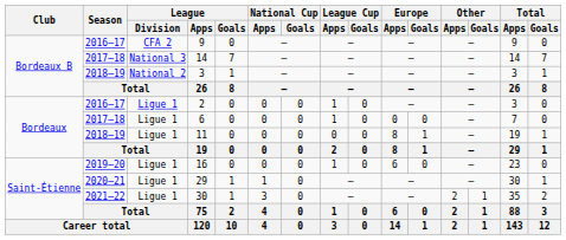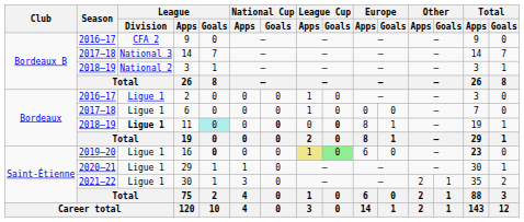 <table class="wikitable" style="text-align:center">
 <tr>
 <th rowspan="2">Club</th>
 <th rowspan="2">Season</th>
 <th colspan="3">League</th>
 <th colspan="2">National Cup</th>
 <th colspan="2">League Cup</th>
 <th colspan="2">Europe</th>
 <th colspan="2">Other</th>
 <th colspan="2">Total</th>
 </tr>
 <tr>
 <th>Division</th>
 <th>Apps</th>
 <th>Goals</th>
 <th>Apps</th>
 <th>Goals</th>
 <th>Apps</th>
 <th>Goals</th>
 <th>Apps</th>
 <th>Goals</th>
 <th>Apps</th>
 <th>Goals</th>
 <th>Apps</th>
 <th>Goals</th>
 </tr>
 <tr>
 <td rowspan="4"><a href='#'>Bordeaux B</a></td>
 <td><a href='#'>2016–17</a></td>
 <td><a href='#'>CFA 2</a></td>
 <td>9</td>
 <td>0</td>
 <td colspan="2">—</td>
 <td colspan="2">—</td>
 <td colspan="2">—</td>
 <td colspan="2">—</td>
 <td>9</td>
 <td>0</td>
 </tr>
 <tr>
 <td><a href='#'>2017–18</a></td>
 <td><a href='#'>National 3</a></td>
 <td>14</td>
 <td>7</td>
 <td colspan="2">—</td>
 <td colspan="2">—</td>
 <td colspan="2">—</td>
 <td colspan="2">—</td>
 <td>14</td>
 <td>7</td>
 </tr>
 <tr>
 <td><a href='#'>2018–19</a></td>
 <td><a href='#'>National 2</a></td>
 <td>3</td>
 <td>1</td>
 <td colspan="2">—</td>
 <td colspan="2">—</td>
 <td colspan="2">—</td>
 <td colspan="2">—</td>
 <td>3</td>
 <td>1</td>
 </tr>
 <tr>
 <th colspan="2">Total</th>
 <th>26</th>
 <th>8</th>
 <th colspan="2">—</th>
 <th colspan="2">—</th>
 <th colspan="2">—</th>
 <th colspan="2">—</th>
 <th>26</th>
 <th>8</th>
 </tr>
 <tr>
 <td rowspan="4"><a href='#'>Bordeaux</a></td>
 <td><a href='#'>2016–17</a></td>
 <td><a href='#'>Ligue 1</a></td>
 <td>2</td>
 <td>0</td>
 <td>0</td>
 <td>0</td>
 <td>1</td>
 <td>0</td>
 <td colspan="2">—</td>
 <td colspan="2">—</td>
 <td>3</td>
 <td>0</td>
 </tr>
 <tr>
 <td><a href='#'>2017–18</a></td>
 <td>Ligue 1</td>
 <td>6</td>
 <td>0</td>
 <td>0</td>
 <td>0</td>
 <td>1</td>
 <td>0</td>
 <td>0</td>
 <td>0</td>
 <td colspan="2">—</td>
 <td>7</td>
 <td>0</td>
 </tr>
 <tr>
 <td><a href='#'>2018–19</a></td>
-<td>Ligue 1</td>
+<td><strong>Ligue 1</strong></td>
 <td>11</td>
+<td style="background: paleturquoise;">0</td>
 <td>0</td>
+<td><strong>0</strong></td>
 <td>0</td>
-<td>0</td>
-<td>0</td>
-<td>0</td>
+<td><strong>0</strong></td>
 <td>8</td>
 <td>1</td>
 <td colspan="2">—</td>
 <td>19</td>
 <td>1</td>
 </tr>
 <tr>
 <th colspan="2">Total</th>
 <th>19</th>
 <th>0</th>
 <th>0</th>
 <th>0</th>
 <th>2</th>
 <th>0</th>
 <th>8</th>
 <th>1</th>
 <th colspan="2">—</th>
 <th>29</th>
 <th>1</th>
 </tr>
 <tr>
 <td rowspan="4"><a href='#'>Saint-Étienne</a></td>
 <td><a href='#'>2019–20</a></td>
 <td>Ligue 1</td>
 <td>16</td>
+<td><strong>0</strong></td>
 <td>0</td>
 <td>0</td>
-<td>0</td>
-<td>1</td>
-<td>0</td>
+<td style="background: khaki;">1</td>
+<td style="background: lightgreen;">0</td>
 <td>6</td>
 <td>0</td>
 <td colspan="2">—</td>
-<td>23</td>
+<td><strong>23</strong></td>
 <td>0</td>
 </tr>
 <tr>
 <td><a href='#'>2020–21</a></td>
 <td>Ligue 1</td>
 <td>29</td>
 <td>1</td>
 <td>1</td>
 <td>0</td>
 <td colspan="2">—</td>
 <td colspan="2">—</td>
 <td colspan="2">—</td>
 <td>30</td>
 <td>1</td>
 </tr>
 <tr>
 <td><a href='#'>2021–22</a></td>
 <td>Ligue 1</td>
 <td>30</td>
 <td>1</td>
 <td>3</td>
 <td>0</td>
 <td colspan="2">—</td>
 <td colspan="2">—</td>
 <td>2</td>
 <td>1</td>
 <td>35</td>
 <td>2</td>
 </tr>
 <tr>
 <th colspan="2">Total</th>
 <th>75</th>
 <th>2</th>
 <th>4</th>
 <th>0</th>
 <th>1</th>
 <th>0</th>
 <th>6</th>
 <th>0</th>
 <th>2</th>
 <th>1</th>
 <th>88</th>
 <th>3</th>
 </tr>
 <tr>
 <th colspan="3">Career total</th>
 <th>120</th>
 <th>10</th>
 <th>4</th>
 <th>0</th>
 <th>3</th>
 <th>0</th>
 <th>14</th>
 <th>1</th>
 <th>2</th>
 <th>1</th>
 <th>143</th>
 <th>12</th>
 </tr>
 </table>
